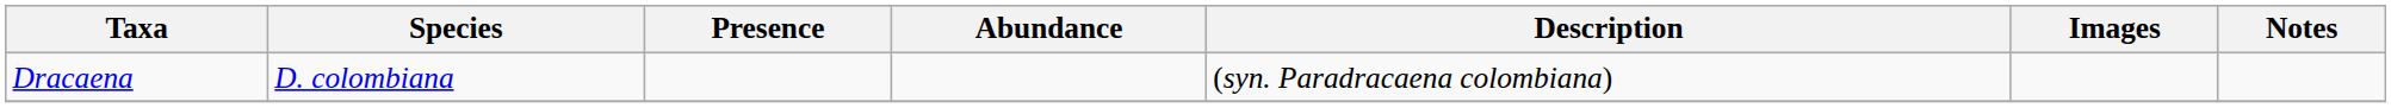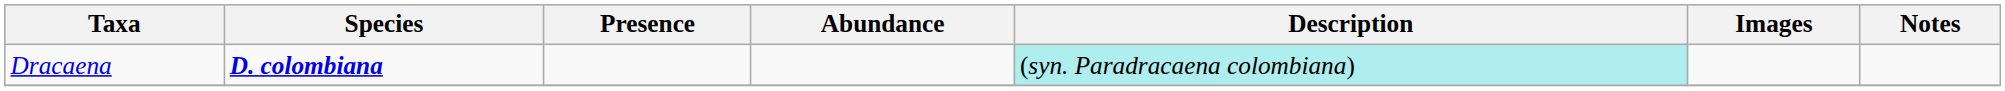 <table class="wikitable sortable mw-collapsible" width=100%>
 <tr>
 <th>Taxa</th>
 <th>Species</th>
 <th>Presence</th>
 <th>Abundance</th>
 <th>Description</th>
 <th>Images</th>
 <th>Notes</th>
 </tr>
 <tr>
 <td><em><a href='#'>Dracaena</a></em></td>
-<td><em><a href='#'>D. colombiana</a></em></td>
+<td><strong><em><a href='#'>D. colombiana</a></em></strong></td>
 <td></td>
 <td></td>
-<td>(<em>syn. Paradracaena colombiana</em>)</td>
+<td style="background: paleturquoise;">(<em>syn. Paradracaena colombiana</em>)</td>
 <td></td>
 <td></td>
 </tr>
 <tr>
 </tr>
 </table>
